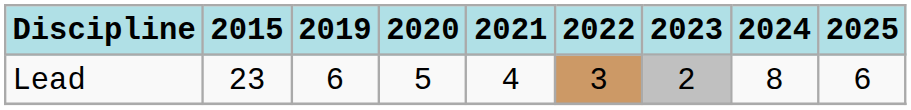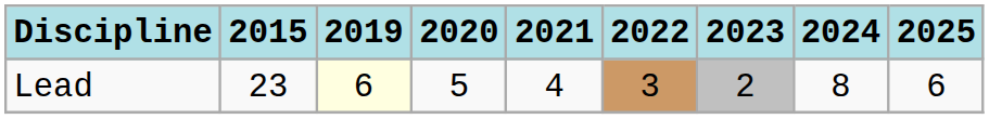 <table class="wikitable" style="text-align: center">
 <tr>
 <th style="background: #b0e0e6">Discipline</th>
 <th style="background: #b0e0e6">2015</th>
 <th style="background: #b0e0e6">2019</th>
 <th style="background: #b0e0e6">2020</th>
 <th style="background: #b0e0e6">2021</th>
 <th style="background: #b0e0e6">2022</th>
 <th style="background: #b0e0e6">2023</th>
 <th style="background: #b0e0e6">2024</th>
 <th style="background: #b0e0e6">2025</th>
 </tr>
 <tr>
 <td align="left">Lead</td>
 <td>23</td>
-<td>6</td>
+<td style="background: lightyellow;">6</td>
 <td>5</td>
 <td>4</td>
 <td style="background: #cc9966">3</td>
 <td style="background: Silver">2</td>
 <td>8</td>
 <td>6</td>
 </tr>
 <tr>
 </tr>
 </table>
